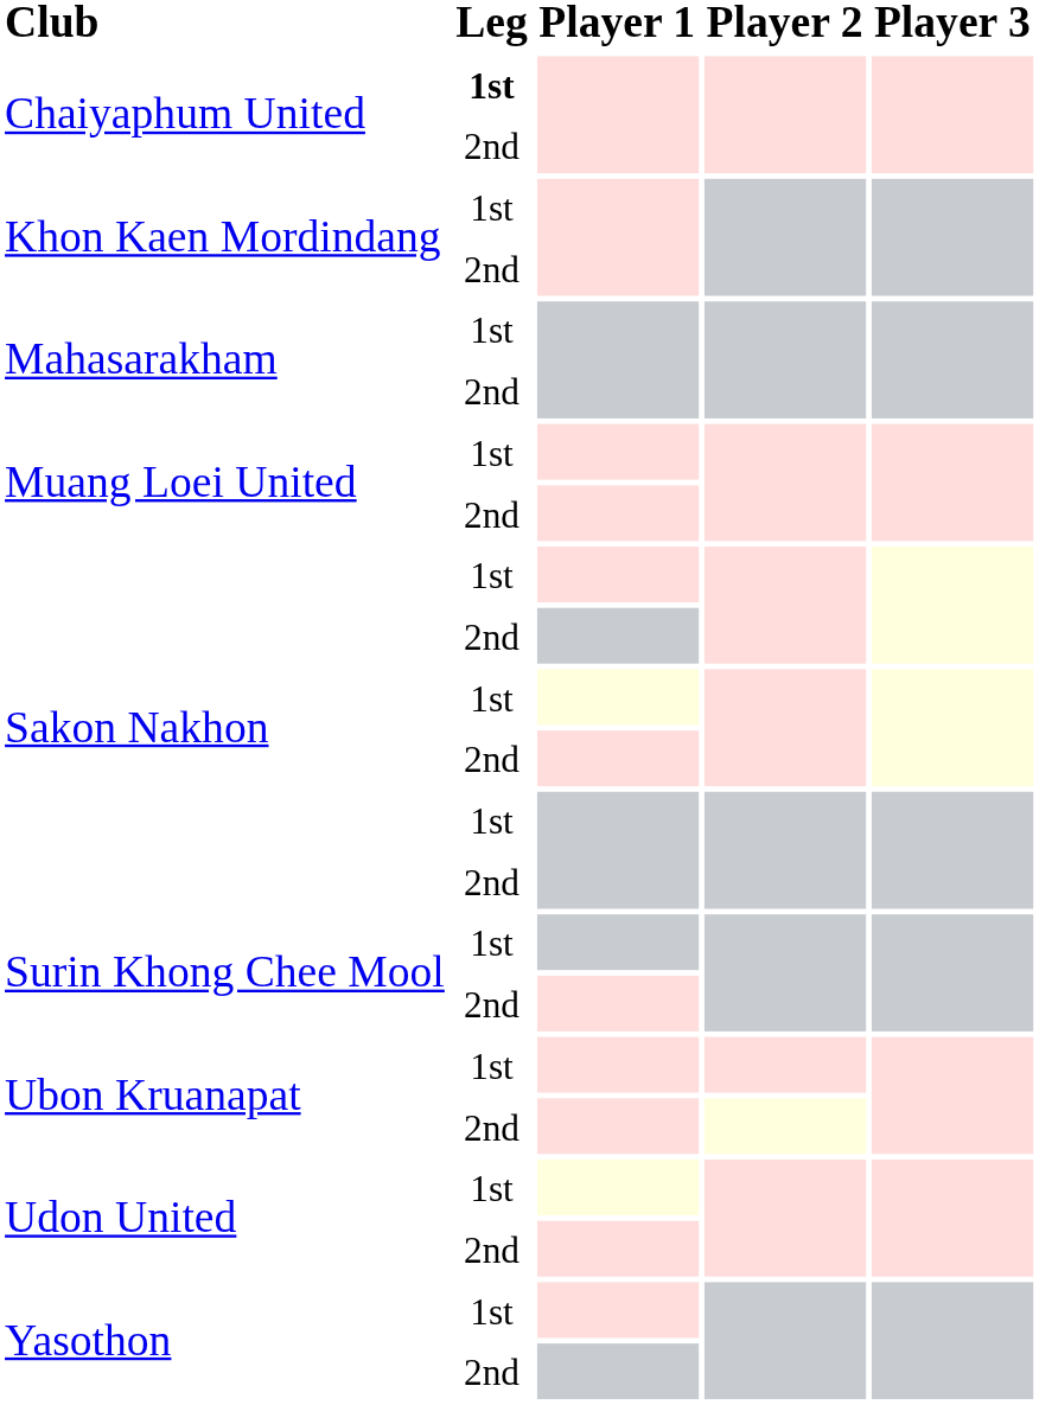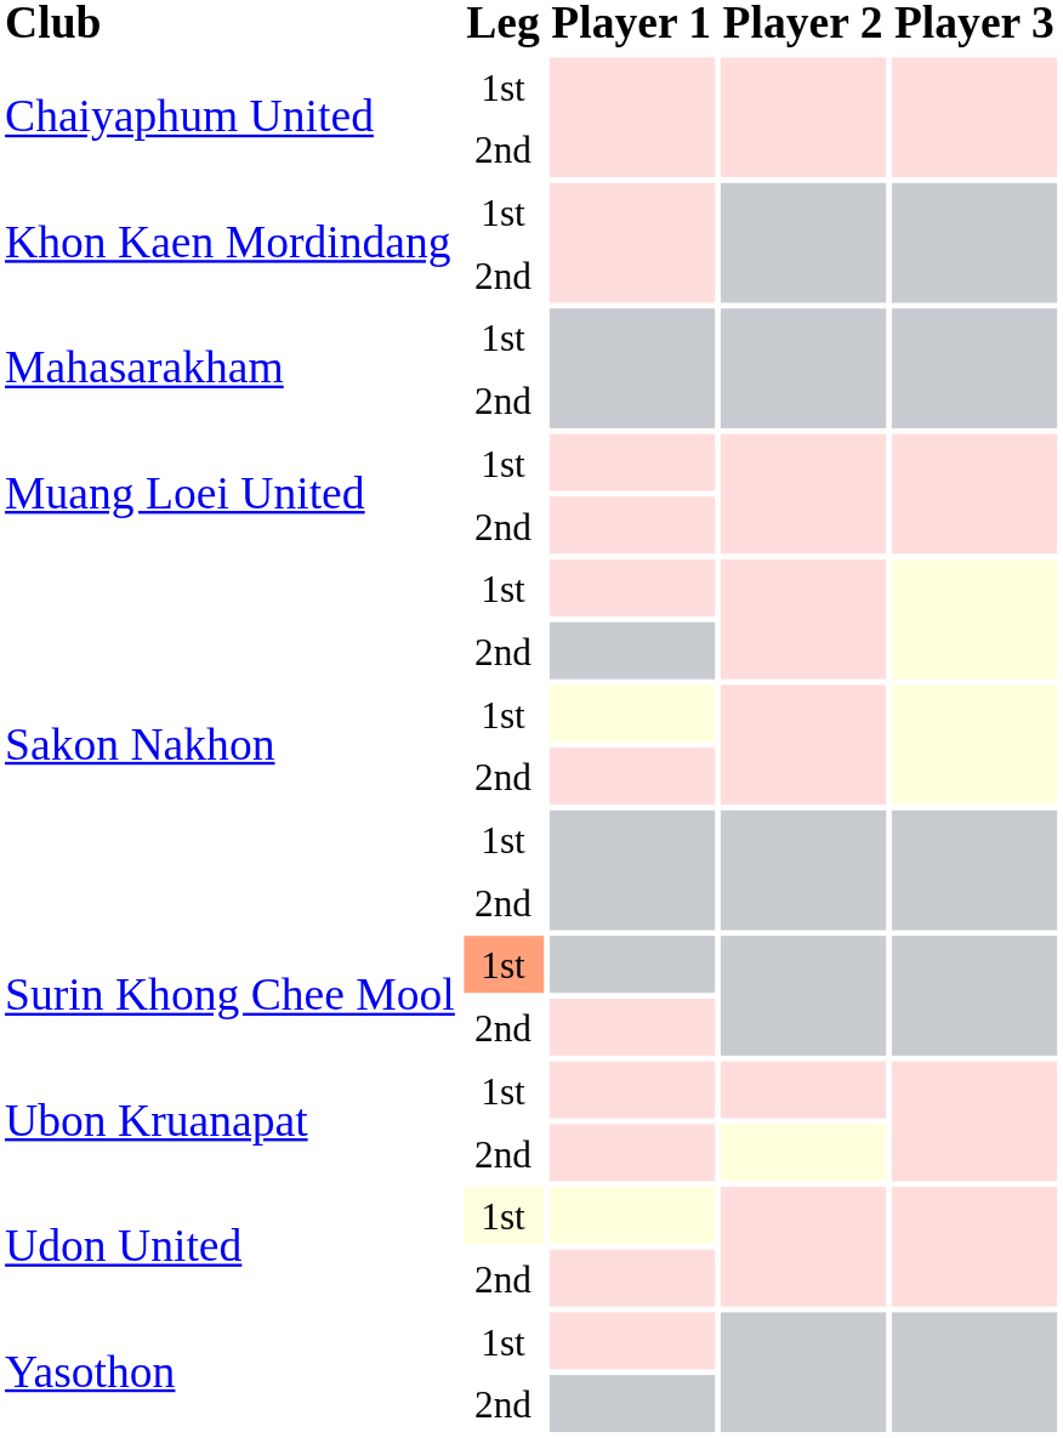 <table class="sortable" style="text-align:left">
 <tr>
 <th>Club</th>
 <th>Leg</th>
 <th>Player 1</th>
 <th>Player 2</th>
 <th>Player 3</th>
 </tr>
 <tr>
 <td rowspan="2"><a href='#'>Chaiyaphum United</a></td>
-<td align="center"><strong><small>1st</small></strong></td>
+<td align="center"><small>1st</small></td>
 <td bgcolor="#ffdddd"rowspan="2"></td>
 <td bgcolor="#ffdddd"rowspan="2"></td>
 <td bgcolor="#ffdddd"rowspan="2"></td>
 </tr>
 <tr>
 <td align="center"><small>2nd</small></td>
 </tr>
 <tr>
 <td rowspan="2"><a href='#'>Khon Kaen Mordindang</a></td>
 <td align="center"><small>1st</small></td>
 <td bgcolor="#ffdddd"rowspan="2"></td>
 <td bgcolor="#c8ccd1"rowspan="2"></td>
 <td bgcolor="#c8ccd1"rowspan="2"></td>
 </tr>
 <tr>
 <td align="center"><small>2nd</small></td>
 </tr>
 <tr>
 <td rowspan="2"><a href='#'>Mahasarakham</a></td>
 <td align="center"><small>1st</small></td>
 <td bgcolor="#c8ccd1"rowspan="2"></td>
 <td bgcolor="#c8ccd1"rowspan="2"></td>
 <td bgcolor="#c8ccd1"rowspan="2"></td>
 </tr>
 <tr>
 <td align="center"><small>2nd</small></td>
 </tr>
 <tr>
 <td rowspan="2"><a href='#'>Muang Loei United</a></td>
 <td align="center"><small>1st</small></td>
 <td bgcolor="#ffdddd"></td>
 <td bgcolor="#ffdddd"rowspan="2"></td>
 <td bgcolor="#ffdddd"rowspan="2"></td>
 </tr>
 <tr>
 <td align="center"><small>2nd</small></td>
 <td bgcolor="#ffdddd"></td>
 </tr>
 <tr>
 <td rowspan="2"></td>
 <td align="center"><small>1st</small></td>
 <td bgcolor="#ffdddd"></td>
 <td bgcolor="#ffdddd"rowspan="2"></td>
 <td bgcolor="#ffffdd"rowspan="2"></td>
 </tr>
 <tr>
 <td align="center"><small>2nd</small></td>
 <td bgcolor="#c8ccd1"></td>
 </tr>
 <tr>
 <td rowspan="2"><a href='#'>Sakon Nakhon</a></td>
 <td align="center"><small>1st</small></td>
 <td bgcolor="#ffffdd"></td>
 <td bgcolor="#ffdddd"rowspan="2"></td>
 <td bgcolor="#ffffdd"rowspan="2"></td>
 </tr>
 <tr>
 <td align="center"><small>2nd</small></td>
 <td bgcolor="#ffdddd"></td>
 </tr>
 <tr>
 <td rowspan="2"></td>
 <td align="center"><small>1st</small></td>
 <td bgcolor="#c8ccd1"rowspan="2"></td>
 <td bgcolor="#c8ccd1"rowspan="2"></td>
 <td bgcolor="#c8ccd1"rowspan="2"></td>
 </tr>
 <tr>
 <td align="center"><small>2nd</small></td>
 </tr>
 <tr>
 <td rowspan="2"><a href='#'>Surin Khong Chee Mool</a></td>
-<td align="center"><small>1st</small></td>
+<td align="center" style="background: lightsalmon;"><small>1st</small></td>
 <td bgcolor="#c8ccd1"></td>
 <td bgcolor="#c8ccd1"rowspan="2"></td>
 <td bgcolor="#c8ccd1"rowspan="2"></td>
 </tr>
 <tr>
 <td align="center"><small>2nd</small></td>
 <td bgcolor="#ffdddd"></td>
 </tr>
 <tr>
 <td rowspan="2"><a href='#'>Ubon Kruanapat</a></td>
 <td align="center"><small>1st</small></td>
 <td bgcolor="#ffdddd"></td>
 <td bgcolor="#ffdddd"></td>
 <td bgcolor="#ffdddd"rowspan="2"></td>
 </tr>
 <tr>
 <td align="center"><small>2nd</small></td>
 <td bgcolor="#ffdddd"></td>
 <td bgcolor="#ffffdd"></td>
 </tr>
 <tr>
 <td rowspan="2"><a href='#'>Udon United</a></td>
-<td align="center"><small>1st</small></td>
+<td align="center" style="background: lightyellow;"><small>1st</small></td>
 <td bgcolor="#ffffdd"></td>
 <td bgcolor="#ffdddd"rowspan="2"></td>
 <td bgcolor="#ffdddd"rowspan="2"></td>
 </tr>
 <tr>
 <td align="center"><small>2nd</small></td>
 <td bgcolor="#ffdddd"></td>
 </tr>
 <tr>
 <td rowspan="2"><a href='#'>Yasothon</a></td>
 <td align="center"><small>1st</small></td>
 <td bgcolor="#ffdddd"></td>
 <td bgcolor="#c8ccd1"rowspan="2"></td>
 <td bgcolor="#c8ccd1"rowspan="2"></td>
 </tr>
 <tr>
 <td align="center"><small>2nd</small></td>
 <td bgcolor="#c8ccd1"></td>
 </tr>
 </table>
